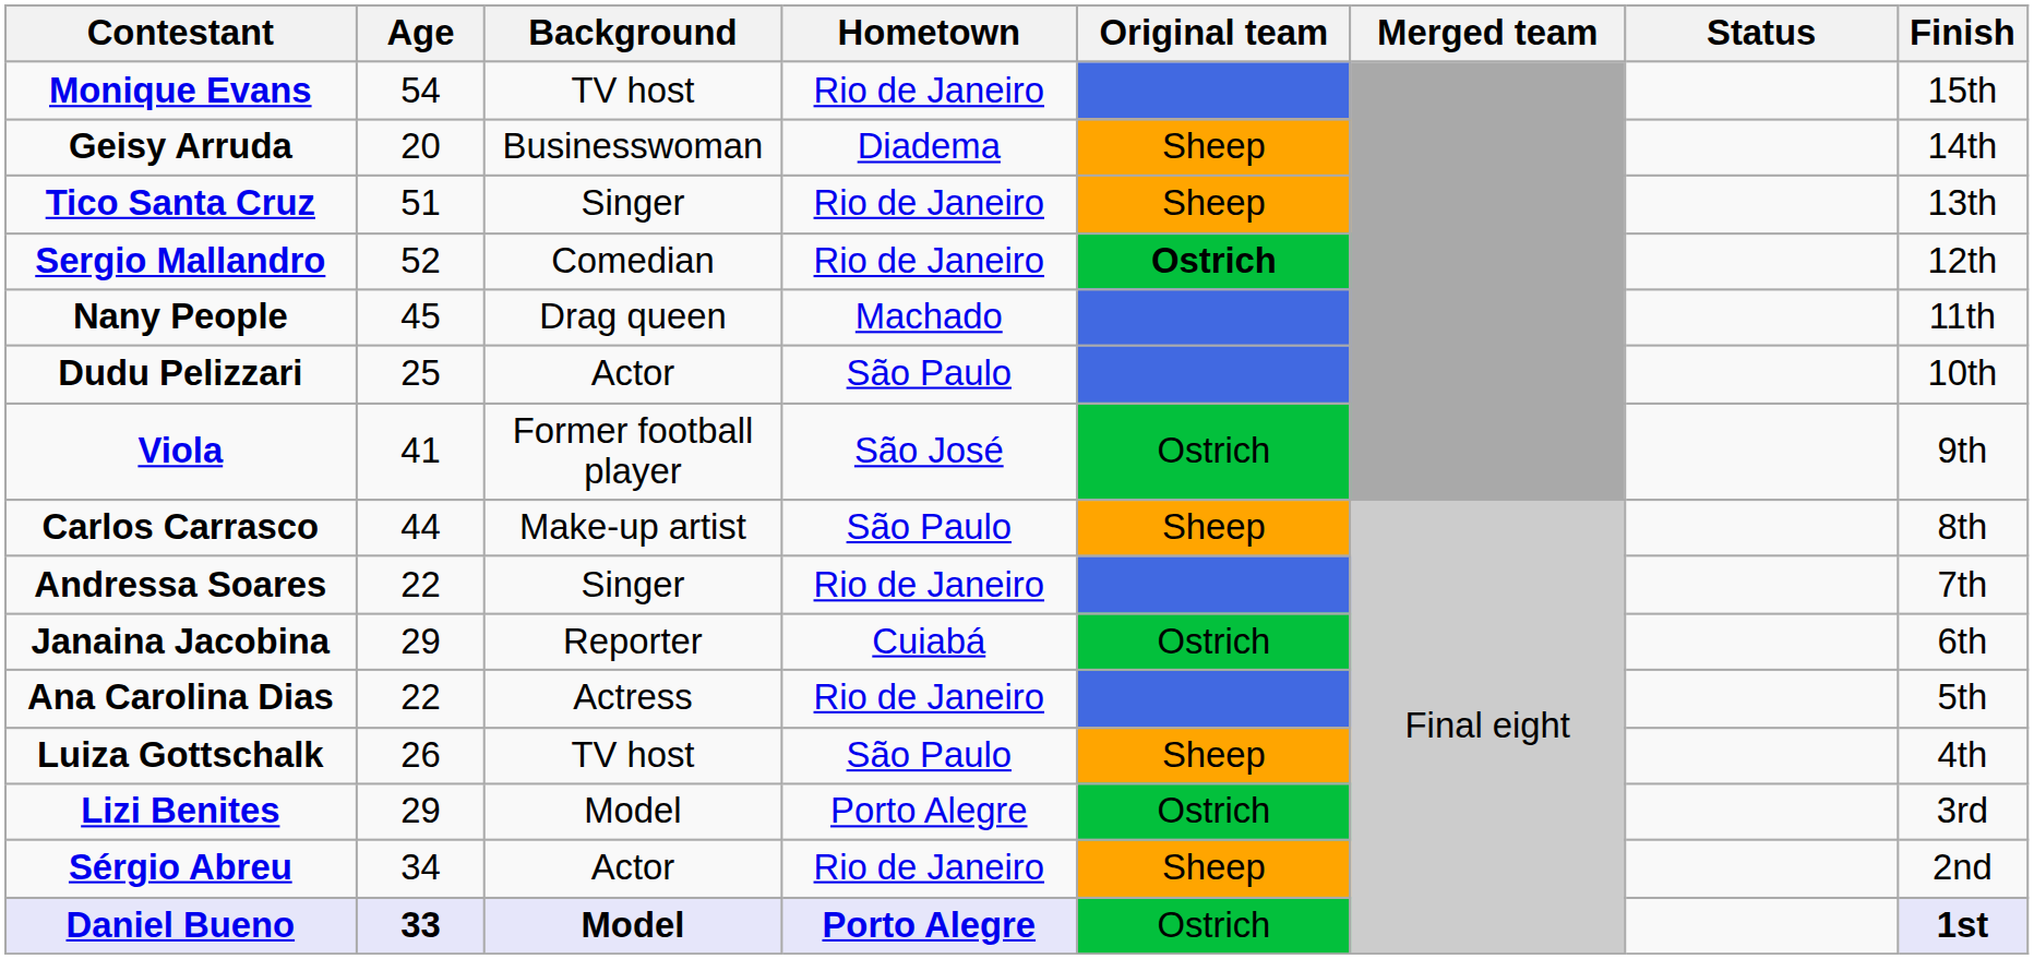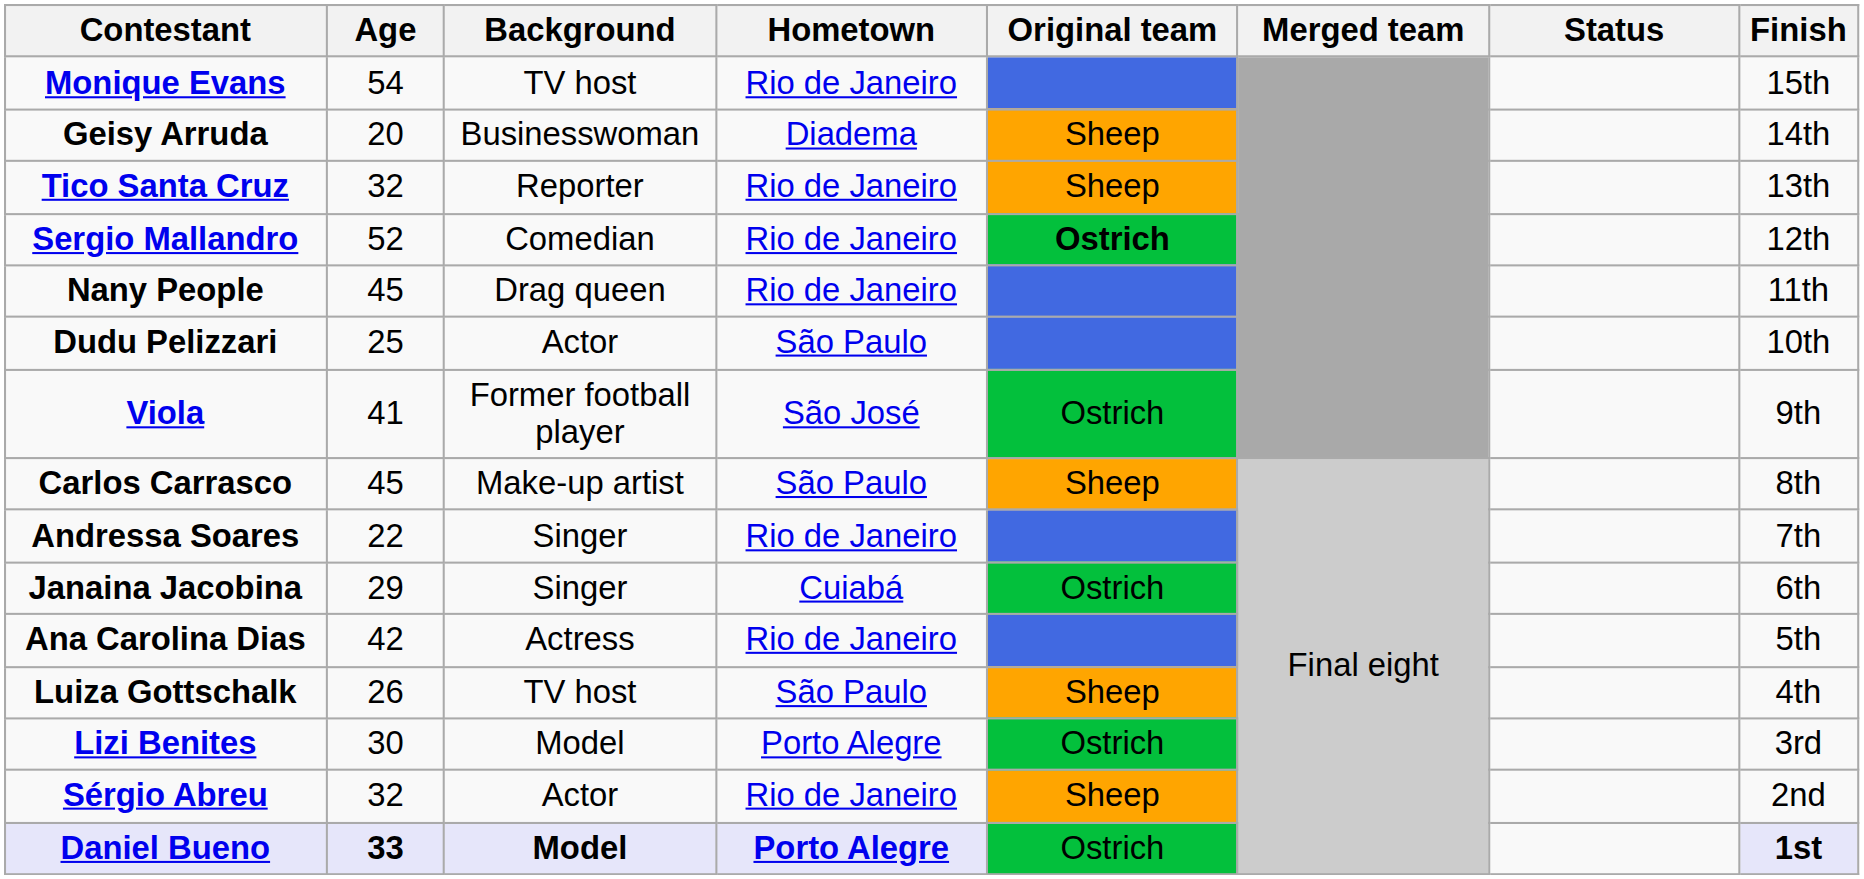 <table class= "wikitable sortable" style="text-align: center; margin:auto; align: center">
 <tr>
 <th width=150>Contestant</th>
 <th width=050>Age</th>
 <th width=125>Background</th>
 <th width=125>Hometown</th>
 <th width=115>Original team</th>
 <th width=115>Merged team</th>
 <th width=115>Status</th>
 <th width=050>Finish</th>
 </tr>
 <tr>
 <td><strong><a href='#'>Monique Evans</a></strong></td>
 <td>54</td>
 <td>TV host</td>
 <td><a href='#'>Rio de Janeiro</a></td>
 <td bgcolor="4169E1"></td>
 <td bgcolor="A9A9A9" rowspan="7"></td>
 <td><br></td>
 <td>15th</td>
 </tr>
 <tr>
 <td><strong>Geisy Arruda</strong></td>
 <td>20</td>
 <td>Businesswoman</td>
 <td><a href='#'>Diadema</a></td>
 <td bgcolor="FFA500">Sheep</td>
 <td><br></td>
 <td>14th</td>
 </tr>
 <tr>
 <td><strong><a href='#'>Tico Santa Cruz</a></strong></td>
-<td>51</td>
-<td>Singer</td>
+<td>32</td>
+<td>Reporter</td>
 <td><a href='#'>Rio de Janeiro</a></td>
 <td bgcolor="FFA500">Sheep</td>
 <td><br></td>
 <td>13th</td>
 </tr>
 <tr>
 <td><strong><a href='#'>Sergio Mallandro</a></strong></td>
 <td>52</td>
 <td>Comedian</td>
 <td><a href='#'>Rio de Janeiro</a></td>
 <td bgcolor="03C03C"><strong>Ostrich</strong></td>
 <td><br></td>
 <td>12th</td>
 </tr>
 <tr>
 <td><strong>Nany People</strong></td>
 <td>45</td>
 <td>Drag queen</td>
-<td><a href='#'>Machado</a></td>
+<td><a href='#'>Rio de Janeiro</a></td>
 <td bgcolor="4169E1"></td>
 <td><br></td>
 <td>11th</td>
 </tr>
 <tr>
 <td><strong>Dudu Pelizzari</strong></td>
 <td>25</td>
 <td>Actor</td>
 <td><a href='#'>São Paulo</a></td>
 <td bgcolor="4169E1"></td>
 <td><br></td>
 <td>10th</td>
 </tr>
 <tr>
 <td><strong><a href='#'>Viola</a></strong></td>
 <td>41</td>
 <td>Former football player</td>
 <td><a href='#'>São José</a></td>
 <td bgcolor="03C03C">Ostrich</td>
 <td><br></td>
 <td>9th</td>
 </tr>
 <tr>
 <td><strong>Carlos Carrasco</strong></td>
-<td>44</td>
+<td>45</td>
 <td>Make-up artist</td>
 <td><a href='#'>São Paulo</a></td>
 <td bgcolor="FFA500">Sheep</td>
 <td bgcolor="CCCCCC" rowspan=8>Final eight</td>
 <td><br></td>
 <td>8th</td>
 </tr>
 <tr>
 <td><strong>Andressa Soares</strong></td>
 <td>22</td>
 <td>Singer</td>
 <td><a href='#'>Rio de Janeiro</a></td>
 <td bgcolor="4169E1"></td>
 <td><br></td>
 <td>7th</td>
 </tr>
 <tr>
 <td><strong>Janaina Jacobina</strong></td>
 <td>29</td>
-<td>Reporter</td>
+<td>Singer</td>
 <td><a href='#'>Cuiabá</a></td>
 <td bgcolor="03C03C">Ostrich</td>
 <td><br></td>
 <td>6th</td>
 </tr>
 <tr>
 <td nowrap><strong>Ana Carolina Dias</strong></td>
-<td>22</td>
+<td>42</td>
 <td>Actress</td>
 <td><a href='#'>Rio de Janeiro</a></td>
 <td bgcolor="4169E1"></td>
 <td><br></td>
 <td>5th</td>
 </tr>
 <tr>
 <td><strong>Luiza Gottschalk</strong></td>
 <td>26</td>
 <td>TV host</td>
 <td><a href='#'>São Paulo</a></td>
 <td bgcolor="FFA500">Sheep</td>
 <td><br></td>
 <td>4th</td>
 </tr>
 <tr>
 <td><strong><a href='#'>Lizi Benites</a></strong></td>
-<td>29</td>
+<td>30</td>
 <td>Model</td>
 <td><a href='#'>Porto Alegre</a></td>
 <td bgcolor="03C03C">Ostrich</td>
 <td><br></td>
 <td>3rd</td>
 </tr>
 <tr>
 <td><strong><a href='#'>Sérgio Abreu</a></strong></td>
-<td>34</td>
+<td>32</td>
 <td>Actor</td>
 <td><a href='#'>Rio de Janeiro</a></td>
 <td bgcolor="FFA500">Sheep</td>
 <td><br></td>
 <td>2nd</td>
 </tr>
 <tr>
 <td bgcolor="E6E6FA" nowrap><strong><a href='#'>Daniel Bueno</a></strong></td>
 <td bgcolor="E6E6FA"><strong>33</strong></td>
 <td bgcolor="E6E6FA"><strong>Model</strong></td>
 <td bgcolor="E6E6FA"><strong><a href='#'>Porto Alegre</a></strong></td>
 <td bgcolor="03C03C">Ostrich</td>
 <td><br></td>
 <td bgcolor="E6E6FA"><strong>1st</strong></td>
 </tr>
 </table>
